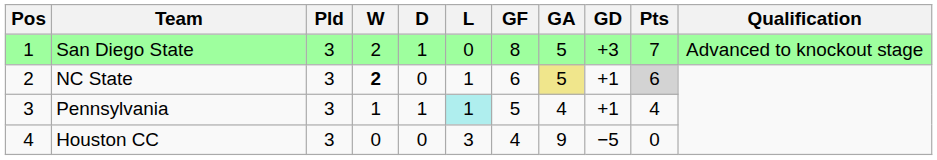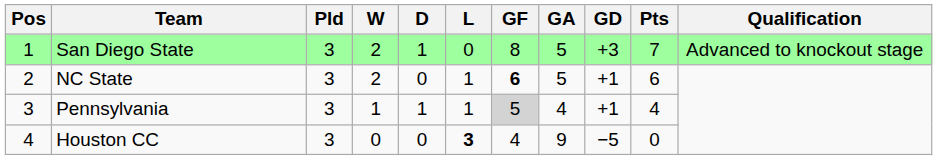 <table class="wikitable" style="text-align:center; margin: 1em auto">
 <tr>
 <th style="width:2em">Pos</th>
 <th style="width:13em">Team</th>
 <th style="width:2em">Pld</th>
 <th style="width:2em">W</th>
 <th style="width:2em">D</th>
 <th style="width:2em">L</th>
 <th style="width:2em">GF</th>
 <th style="width:2em">GA</th>
 <th style="width:2em">GD</th>
 <th style="width:2em">Pts</th>
 <th style="width:13em">Qualification</th>
 </tr>
 <tr bgcolor="#9eff9e">
 <td>1</td>
 <td style="text-align:left">San Diego State</td>
 <td>3</td>
 <td>2</td>
 <td>1</td>
 <td>0</td>
 <td>8</td>
 <td>5</td>
 <td>+3</td>
 <td>7</td>
 <td>Advanced to knockout stage</td>
 </tr>
 <tr>
 <td>2</td>
 <td style="text-align:left">NC State</td>
 <td>3</td>
-<td><strong>2</strong></td>
+<td>2</td>
 <td>0</td>
 <td>1</td>
+<td><strong>6</strong></td>
+<td>5</td>
+<td>+1</td>
 <td>6</td>
-<td style="background: khaki;">5</td>
-<td>+1</td>
-<td style="background: lightgrey;">6</td>
 </tr>
 <tr>
 <td>3</td>
 <td style="text-align:left">Pennsylvania</td>
 <td>3</td>
 <td>1</td>
 <td>1</td>
-<td style="background: paleturquoise;">1</td>
-<td>5</td>
+<td>1</td>
+<td style="background: lightgrey;">5</td>
 <td>4</td>
 <td>+1</td>
 <td>4</td>
 </tr>
 <tr>
 <td>4</td>
 <td style="text-align:left">Houston CC</td>
 <td>3</td>
 <td>0</td>
 <td>0</td>
-<td>3</td>
+<td><strong>3</strong></td>
 <td>4</td>
 <td>9</td>
 <td>−5</td>
 <td>0</td>
 </tr>
 </table>
